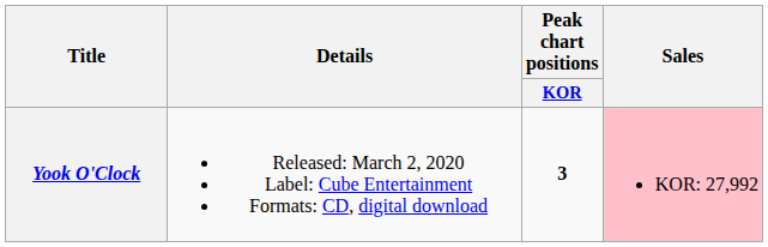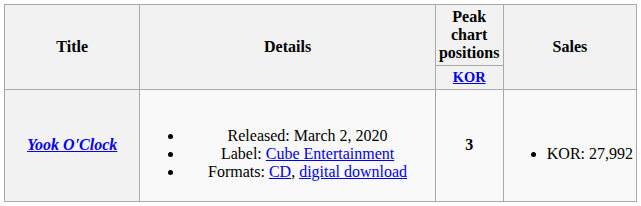 <table class="wikitable plainrowheaders" style="text-align:center">
 <tr>
 <th scope="col" rowspan="2" style="width:8em">Title</th>
 <th scope="col" rowspan="2" style="width:18em">Details</th>
 <th scope="col" colspan="1">Peak chart positions</th>
 <th scope="col" rowspan="2">Sales</th>
 </tr>
 <tr>
 <th scope="col" style="width:3em;font-size:90%"><a href='#'>KOR</a><br></th>
 </tr>
 <tr>
 <th scope="row"><em><a href='#'>Yook O'Clock</a></em></th>
 <td><br><ul><li>Released: March 2, 2020</li><li>Label: <a href='#'>Cube Entertainment</a></li><li>Formats: <a href='#'>CD</a>, <a href='#'>digital download</a></li></ul></td>
 <td><strong>3</strong></td>
-<td style="background: pink;"><br><ul><li>KOR: 27,992</li></ul></td>
+<td><br><ul><li>KOR: 27,992</li></ul></td>
 </tr>
 </table>
